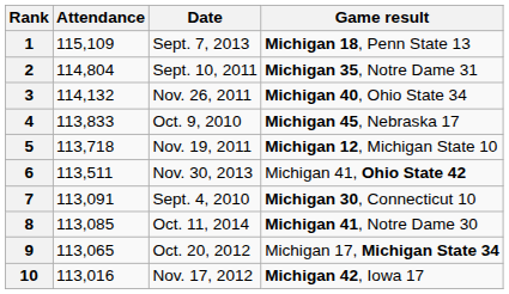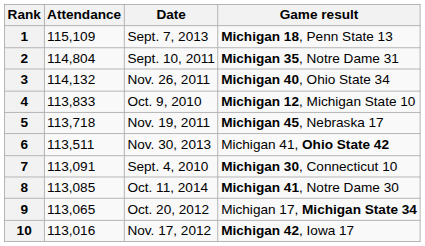 <table class="wikitable">
 <tr>
 <th>Rank</th>
 <th>Attendance</th>
 <th>Date</th>
 <th>Game result</th>
 </tr>
 <tr>
 <th>1</th>
 <td>115,109</td>
 <td>Sept. 7, 2013</td>
 <td><strong>Michigan 18</strong>, Penn State 13</td>
 </tr>
 <tr>
 <th>2</th>
 <td>114,804</td>
 <td>Sept. 10, 2011</td>
 <td><strong>Michigan 35</strong>, Notre Dame 31</td>
 </tr>
 <tr>
 <th>3</th>
 <td>114,132</td>
 <td>Nov. 26, 2011</td>
 <td><strong>Michigan 40</strong>, Ohio State 34</td>
 </tr>
 <tr>
 <th>4</th>
 <td>113,833</td>
 <td>Oct. 9, 2010</td>
-<td><strong>Michigan 45</strong>, Nebraska 17</td>
+<td><strong>Michigan 12</strong>, Michigan State 10</td>
 </tr>
 <tr>
 <th>5</th>
 <td>113,718</td>
 <td>Nov. 19, 2011</td>
-<td><strong>Michigan 12</strong>, Michigan State 10</td>
+<td><strong>Michigan 45</strong>, Nebraska 17</td>
 </tr>
 <tr>
 <th>6</th>
 <td>113,511</td>
 <td>Nov. 30, 2013</td>
 <td>Michigan 41, <strong>Ohio State 42</strong></td>
 </tr>
 <tr>
 <th>7</th>
 <td>113,091</td>
 <td>Sept. 4, 2010</td>
 <td><strong>Michigan 30</strong>, Connecticut 10</td>
 </tr>
 <tr>
 <th>8</th>
 <td>113,085</td>
 <td>Oct. 11, 2014</td>
 <td><strong>Michigan 41</strong>, Notre Dame 30</td>
 </tr>
 <tr>
 <th>9</th>
 <td>113,065</td>
 <td>Oct. 20, 2012</td>
 <td>Michigan 17, <strong>Michigan State 34</strong></td>
 </tr>
 <tr>
 <th>10</th>
 <td>113,016</td>
 <td>Nov. 17, 2012</td>
 <td><strong>Michigan 42</strong>, Iowa 17</td>
 </tr>
 </table>
